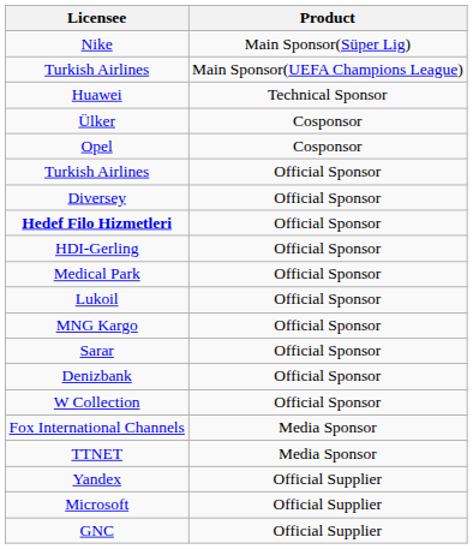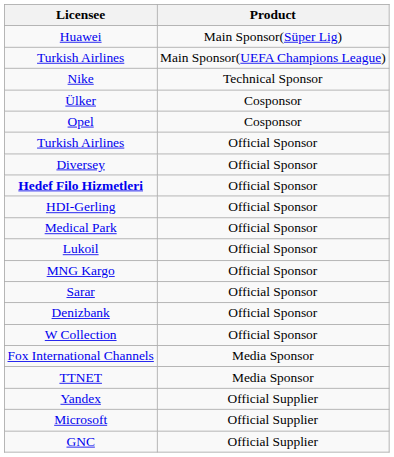 <table class="wikitable" style="text-align: center">
 <tr>
 <th>Licensee</th>
 <th>Product</th>
 </tr>
 <tr>
-<td><a href='#'>Nike</a></td>
+<td><a href='#'>Huawei</a></td>
 <td>Main Sponsor(<a href='#'>Süper Lig</a>)</td>
 </tr>
 <tr>
 <td><a href='#'>Turkish Airlines</a></td>
 <td>Main Sponsor(<a href='#'>UEFA Champions League</a>)</td>
 </tr>
 <tr>
-<td><a href='#'>Huawei</a></td>
+<td><a href='#'>Nike</a></td>
 <td>Technical Sponsor</td>
 </tr>
 <tr>
 <td><a href='#'>Ülker</a></td>
 <td>Cosponsor</td>
 </tr>
 <tr>
 <td><a href='#'>Opel</a></td>
 <td>Cosponsor</td>
 </tr>
 <tr>
 <td><a href='#'>Turkish Airlines</a></td>
 <td>Official Sponsor</td>
 </tr>
 <tr>
 <td><a href='#'>Diversey</a></td>
 <td>Official Sponsor</td>
 </tr>
 <tr>
 <td><strong><a href='#'>Hedef Filo Hizmetleri</a></strong></td>
 <td>Official Sponsor</td>
 </tr>
 <tr>
 <td><a href='#'>HDI-Gerling</a></td>
 <td>Official Sponsor</td>
 </tr>
 <tr>
 <td><a href='#'>Medical Park</a></td>
 <td>Official Sponsor</td>
 </tr>
 <tr>
 <td><a href='#'>Lukoil</a></td>
 <td>Official Sponsor</td>
 </tr>
 <tr>
 <td><a href='#'>MNG Kargo</a></td>
 <td>Official Sponsor</td>
 </tr>
 <tr>
 <td><a href='#'>Sarar</a></td>
 <td>Official Sponsor</td>
 </tr>
 <tr>
 <td><a href='#'>Denizbank</a></td>
 <td>Official Sponsor</td>
 </tr>
 <tr>
 <td><a href='#'>W Collection</a></td>
 <td>Official Sponsor</td>
 </tr>
 <tr>
 <td><a href='#'>Fox International Channels</a></td>
 <td>Media Sponsor</td>
 </tr>
 <tr>
 <td><a href='#'>TTNET</a></td>
 <td>Media Sponsor</td>
 </tr>
 <tr>
 <td><a href='#'>Yandex</a></td>
 <td>Official Supplier</td>
 </tr>
 <tr>
 <td><a href='#'>Microsoft</a></td>
 <td>Official Supplier</td>
 </tr>
 <tr>
 <td><a href='#'>GNC</a></td>
 <td>Official Supplier</td>
 </tr>
 </table>
